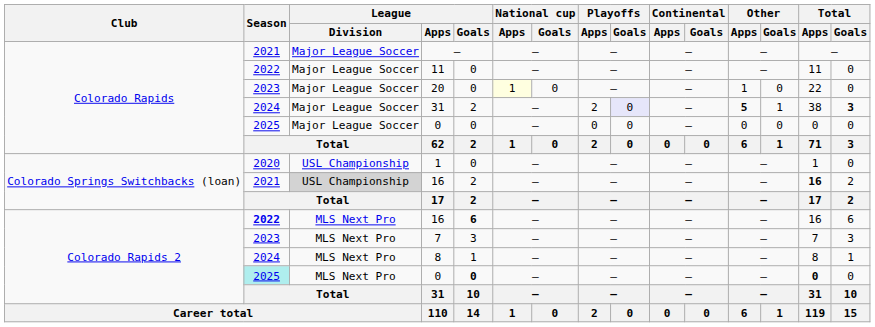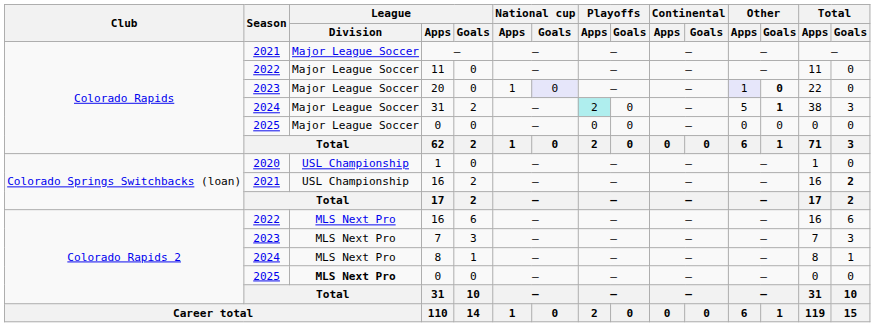 <table class="wikitable" style="font-size:90%; text-align: center">
 <tr>
 <th rowspan="2">Club</th>
 <th rowspan="2">Season</th>
 <th colspan="3">League</th>
 <th colspan="2">National cup</th>
 <th colspan="2">Playoffs</th>
 <th colspan="2">Continental</th>
 <th colspan="2">Other</th>
 <th colspan="2">Total</th>
 </tr>
 <tr>
 <th>Division</th>
 <th>Apps</th>
 <th>Goals</th>
 <th>Apps</th>
 <th>Goals</th>
 <th>Apps</th>
 <th>Goals</th>
 <th>Apps</th>
 <th>Goals</th>
 <th>Apps</th>
 <th>Goals</th>
 <th>Apps</th>
 <th>Goals</th>
 </tr>
 <tr>
 <td rowspan="6"><a href='#'>Colorado Rapids</a></td>
 <td><a href='#'>2021</a></td>
 <td><a href='#'>Major League Soccer</a></td>
 <td colspan="2">—</td>
 <td colspan="2">—</td>
 <td colspan="2">—</td>
 <td colspan="2">—</td>
 <td colspan="2">—</td>
 <td colspan="2">—</td>
 </tr>
 <tr>
 <td><a href='#'>2022</a></td>
 <td>Major League Soccer</td>
 <td>11</td>
 <td>0</td>
 <td colspan="2">—</td>
 <td colspan="2">—</td>
 <td colspan="2">—</td>
 <td colspan="2">—</td>
 <td>11</td>
 <td>0</td>
 </tr>
 <tr>
 <td><a href='#'>2023</a></td>
 <td>Major League Soccer</td>
 <td>20</td>
 <td>0</td>
-<td style="background: lightyellow;">1</td>
-<td>0</td>
+<td>1</td>
+<td style="background: lavender;">0</td>
 <td colspan="2">—</td>
 <td colspan="2">—</td>
-<td>1</td>
-<td>0</td>
+<td style="background: lavender;">1</td>
+<td><strong>0</strong></td>
 <td>22</td>
 <td>0</td>
 </tr>
 <tr>
 <td><a href='#'>2024</a></td>
 <td>Major League Soccer</td>
 <td>31</td>
 <td>2</td>
 <td colspan="2">—</td>
-<td>2</td>
-<td style="background: lavender;">0</td>
+<td style="background: paleturquoise;">2</td>
+<td>0</td>
 <td colspan="2">—</td>
-<td><strong>5</strong></td>
-<td>1</td>
+<td>5</td>
+<td><strong>1</strong></td>
 <td>38</td>
-<td><strong>3</strong></td>
+<td>3</td>
 </tr>
 <tr>
 <td><a href='#'>2025</a></td>
 <td>Major League Soccer</td>
 <td>0</td>
 <td>0</td>
 <td colspan="2">—</td>
 <td>0</td>
 <td>0</td>
 <td colspan="2">—</td>
 <td>0</td>
 <td>0</td>
 <td>0</td>
 <td>0</td>
 </tr>
 <tr>
 <th colspan="2">Total</th>
 <th>62</th>
 <th>2</th>
 <th>1</th>
 <th>0</th>
 <th>2</th>
 <th>0</th>
 <th>0</th>
 <th>0</th>
 <th>6</th>
 <th>1</th>
 <th>71</th>
 <th>3</th>
 </tr>
 <tr>
 <td rowspan="3"><a href='#'>Colorado Springs Switchbacks</a> (loan)</td>
 <td><a href='#'>2020</a></td>
 <td><a href='#'>USL Championship</a></td>
 <td>1</td>
 <td>0</td>
 <td colspan="2">—</td>
 <td colspan="2">—</td>
 <td colspan="2">—</td>
 <td colspan="2">—</td>
 <td>1</td>
 <td>0</td>
 </tr>
 <tr>
 <td><a href='#'>2021</a></td>
-<td style="background: lightgrey;">USL Championship</td>
+<td>USL Championship</td>
 <td>16</td>
 <td>2</td>
 <td colspan="2">—</td>
 <td colspan="2">—</td>
 <td colspan="2">—</td>
 <td colspan="2">—</td>
-<td><strong>16</strong></td>
-<td>2</td>
+<td>16</td>
+<td><strong>2</strong></td>
 </tr>
 <tr>
 <th colspan="2">Total</th>
 <th>17</th>
 <th>2</th>
 <th colspan="2">—</th>
 <th colspan="2">—</th>
 <th colspan="2">—</th>
 <th colspan="2">—</th>
 <th>17</th>
 <th>2</th>
 </tr>
 <tr>
 <td rowspan="5"><a href='#'>Colorado Rapids 2</a></td>
-<td><strong><a href='#'>2022</a></strong></td>
+<td><a href='#'>2022</a></td>
 <td><a href='#'>MLS Next Pro</a></td>
 <td>16</td>
-<td><strong>6</strong></td>
+<td>6</td>
 <td colspan="2">—</td>
 <td colspan="2">—</td>
 <td colspan="2">—</td>
 <td colspan="2">—</td>
 <td>16</td>
 <td>6</td>
 </tr>
 <tr>
 <td><a href='#'>2023</a></td>
 <td>MLS Next Pro</td>
 <td>7</td>
 <td>3</td>
 <td colspan="2">—</td>
 <td colspan="2">—</td>
 <td colspan="2">—</td>
 <td colspan="2">—</td>
 <td>7</td>
 <td>3</td>
 </tr>
 <tr>
 <td><a href='#'>2024</a></td>
 <td>MLS Next Pro</td>
 <td>8</td>
 <td>1</td>
 <td colspan="2">—</td>
 <td colspan="2">—</td>
 <td colspan="2">—</td>
 <td colspan="2">—</td>
 <td>8</td>
 <td>1</td>
 </tr>
 <tr>
-<td style="background: paleturquoise;"><a href='#'>2025</a></td>
-<td>MLS Next Pro</td>
+<td><a href='#'>2025</a></td>
+<td><strong>MLS Next Pro</strong></td>
 <td>0</td>
-<td><strong>0</strong></td>
+<td>0</td>
 <td colspan="2">—</td>
 <td colspan="2">—</td>
 <td colspan="2">—</td>
 <td colspan="2">—</td>
-<td><strong>0</strong></td>
+<td>0</td>
 <td>0</td>
 </tr>
 <tr>
 <th colspan="2">Total</th>
 <th>31</th>
 <th>10</th>
 <th colspan="2">—</th>
 <th colspan="2">—</th>
 <th colspan="2">—</th>
 <th colspan="2">—</th>
 <th>31</th>
 <th>10</th>
 </tr>
 <tr>
 <th colspan="3">Career total</th>
 <th>110</th>
 <th>14</th>
 <th>1</th>
 <th>0</th>
 <th>2</th>
 <th>0</th>
 <th>0</th>
 <th>0</th>
 <th>6</th>
 <th>1</th>
 <th>119</th>
 <th>15</th>
 </tr>
 </table>
